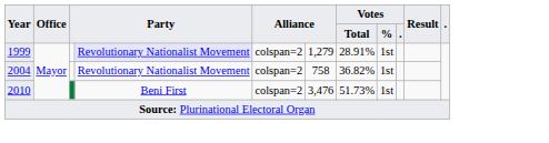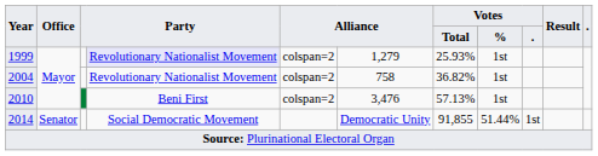 <table class="wikitable" style="font-size:90%; text-align:center;">
 <tr>
 <th style="background-color:#EAECF0;" rowspan=2>Year</th>
 <th style="background-color:#EAECF0;" rowspan=2>Office</th>
 <th style="background-color:#EAECF0;" colspan=2 rowspan=2>Party</th>
 <th style="background-color:#EAECF0;" colspan=2 rowspan=2>Alliance</th>
 <th style="background-color:#EAECF0;" colspan=3>Votes</th>
 <th style="background-color:#EAECF0;" rowspan=2>Result</th>
 <th style="background-color:#EAECF0;" rowspan=2>.</th>
 </tr>
 <tr>
 <th style="background-color:#EAECF0;">Total</th>
 <th style="background-color:#EAECF0;">%</th>
 <th style="background-color:#EAECF0;">.</th>
 </tr>
 <tr>
 <td style="background-color:#EAECF0;"><a href='#'>1999</a></td>
 <td rowspan=3><a href='#'>Mayor</a></td>
 <td style="background-color:"></td>
 <td style="background: lavender;"><a href='#'>Revolutionary Nationalist Movement</a></td>
 <td>colspan=2 </td>
 <td>1,279</td>
-<td>28.91%</td>
+<td>25.93%</td>
 <td>1st</td>
 <td></td>
 <td></td>
 </tr>
 <tr>
 <td style="background-color:#EAECF0;"><a href='#'>2004</a></td>
 <td style="background-color:"></td>
 <td><a href='#'>Revolutionary Nationalist Movement</a></td>
 <td>colspan=2 </td>
 <td>758</td>
 <td>36.82%</td>
 <td>1st</td>
 <td></td>
 <td></td>
 </tr>
 <tr>
 <td style="background-color:#EAECF0;"><a href='#'>2010</a></td>
 <td style="background-color:#008037;"></td>
 <td><a href='#'>Beni First</a></td>
 <td>colspan=2 </td>
 <td>3,476</td>
-<td>51.73%</td>
+<td>57.13%</td>
+<td>1st</td>
+<td></td>
+<td></td>
+</tr>
+<tr>
+<td style="background-color:#EAECF0;"><a href='#'>2014</a></td>
+<td><a href='#'>Senator</a></td>
+<td style="background-color:"></td>
+<td><a href='#'>Social Democratic Movement</a></td>
+<td style="background-color:"></td>
+<td><a href='#'>Democratic Unity</a></td>
+<td>91,855</td>
+<td>51.44%</td>
 <td>1st</td>
 <td></td>
 <td></td>
 </tr>
 <tr>
 <td style="background-color:#EAECF0;" colspan=11><strong>Source:</strong> <a href='#'>Plurinational Electoral Organ</a>  </td>
 </tr>
 </table>
